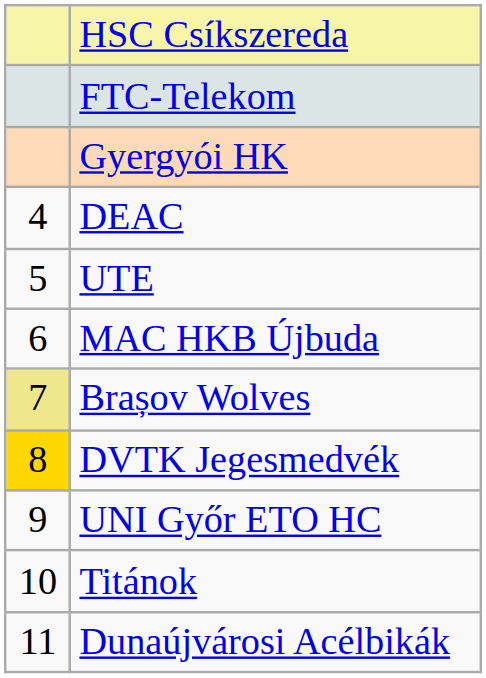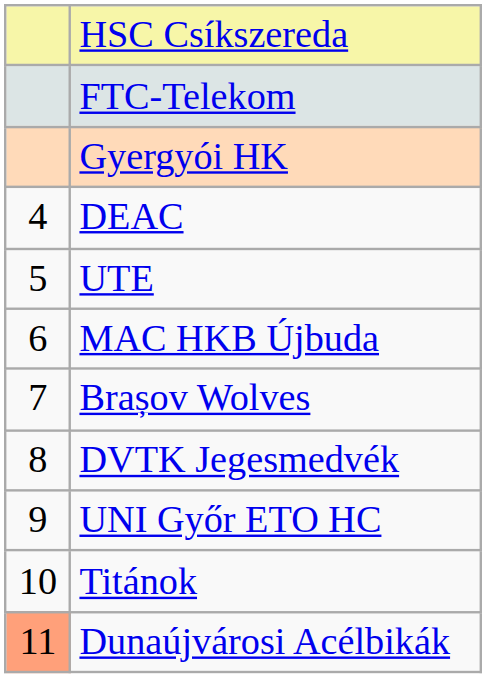 <table class="wikitable" style="width:200px;">
 <tr style="background:#F7F6A8;">
 <td align=center style="width:20px;"></td>
 <td><a href='#'>HSC Csíkszereda</a></td>
 </tr>
 <tr style="background:#DCE5E5;">
 <td align=center></td>
 <td><a href='#'>FTC-Telekom</a></td>
 </tr>
 <tr style="background:#FFDAB9;">
 <td align=center></td>
 <td><a href='#'>Gyergyói HK</a></td>
 </tr>
 <tr>
 <td align=center>4</td>
 <td><a href='#'>DEAC</a></td>
 </tr>
 <tr>
 <td align=center>5</td>
 <td><a href='#'>UTE</a></td>
 </tr>
 <tr>
 <td align=center>6</td>
 <td><a href='#'>MAC HKB Újbuda</a></td>
 </tr>
 <tr>
-<td align=center style="background: khaki;">7</td>
+<td align=center>7</td>
 <td><a href='#'>Brașov Wolves</a></td>
 </tr>
 <tr>
-<td align=center style="background: gold;">8</td>
+<td align=center>8</td>
 <td><a href='#'>DVTK Jegesmedvék</a></td>
 </tr>
 <tr>
 <td align=center>9</td>
 <td><a href='#'>UNI Győr ETO HC</a></td>
 </tr>
 <tr>
 <td align=center>10</td>
 <td><a href='#'>Titánok</a></td>
 </tr>
 <tr>
-<td align=center>11</td>
+<td align=center style="background: lightsalmon;">11</td>
 <td><a href='#'>Dunaújvárosi Acélbikák</a></td>
 </tr>
 </table>
